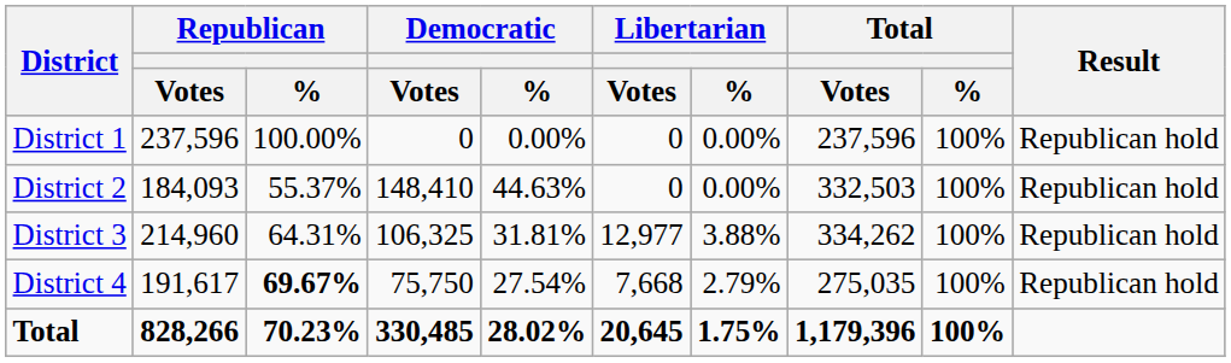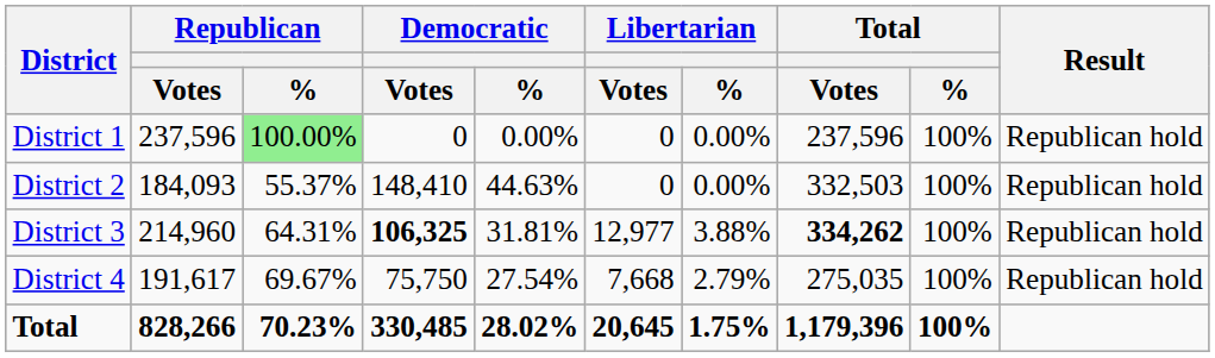 <table class="wikitable plainrowheaders sortable" style="font-size:100%; text-align:right;">
 <tr>
 <th scope=col rowspan=3><a href='#'>District</a></th>
 <th scope=col colspan=2><a href='#'>Republican</a></th>
 <th scope=col colspan=2><a href='#'>Democratic</a></th>
 <th scope=col colspan=2><a href='#'>Libertarian</a></th>
 <th scope=col colspan=2>Total</th>
 <th scope=col rowspan=3>Result</th>
 </tr>
 <tr>
 <th scope=col colspan=2 style="background:"></th>
 <th scope=col colspan=2 style="background:"></th>
 <th scope=col colspan=2 style="background:"></th>
 <th scope=col colspan=2></th>
 </tr>
 <tr>
 <th scope=col data-sort-type="number">Votes</th>
 <th scope=col data-sort-type="number">%</th>
 <th scope=col data-sort-type="number">Votes</th>
 <th scope=col data-sort-type="number">%</th>
 <th scope=col data-sort-type="number">Votes</th>
 <th scope=col data-sort-type="number">%</th>
 <th scope=col data-sort-type="number">Votes</th>
 <th scope=col data-sort-type="number">%</th>
 </tr>
 <tr>
 <td align=left><a href='#'>District 1</a></td>
 <td>237,596</td>
-<td>100.00%</td>
+<td style="background: lightgreen;">100.00%</td>
 <td>0</td>
 <td>0.00%</td>
 <td>0</td>
 <td>0.00%</td>
 <td>237,596</td>
 <td>100%</td>
 <td align=left>Republican hold</td>
 </tr>
 <tr>
 <td align=left><a href='#'>District 2</a></td>
 <td>184,093</td>
 <td>55.37%</td>
 <td>148,410</td>
 <td>44.63%</td>
 <td>0</td>
 <td>0.00%</td>
 <td>332,503</td>
 <td>100%</td>
 <td align=left>Republican hold</td>
 </tr>
 <tr>
 <td align=left><a href='#'>District 3</a></td>
 <td>214,960</td>
 <td>64.31%</td>
-<td>106,325</td>
+<td><strong>106,325</strong></td>
 <td>31.81%</td>
 <td>12,977</td>
 <td>3.88%</td>
-<td>334,262</td>
+<td><strong>334,262</strong></td>
 <td>100%</td>
 <td align=left>Republican hold</td>
 </tr>
 <tr>
 <td align=left><a href='#'>District 4</a></td>
 <td>191,617</td>
-<td><strong>69.67%</strong></td>
+<td>69.67%</td>
 <td>75,750</td>
 <td>27.54%</td>
 <td>7,668</td>
 <td>2.79%</td>
 <td>275,035</td>
 <td>100%</td>
 <td align=left>Republican hold</td>
 </tr>
 <tr class="sortbottom" style="font-weight:bold">
 <td align=left>Total</td>
 <td>828,266</td>
 <td>70.23%</td>
 <td>330,485</td>
 <td>28.02%</td>
 <td>20,645</td>
 <td>1.75%</td>
 <td>1,179,396</td>
 <td>100%</td>
 <td></td>
 </tr>
 </table>
